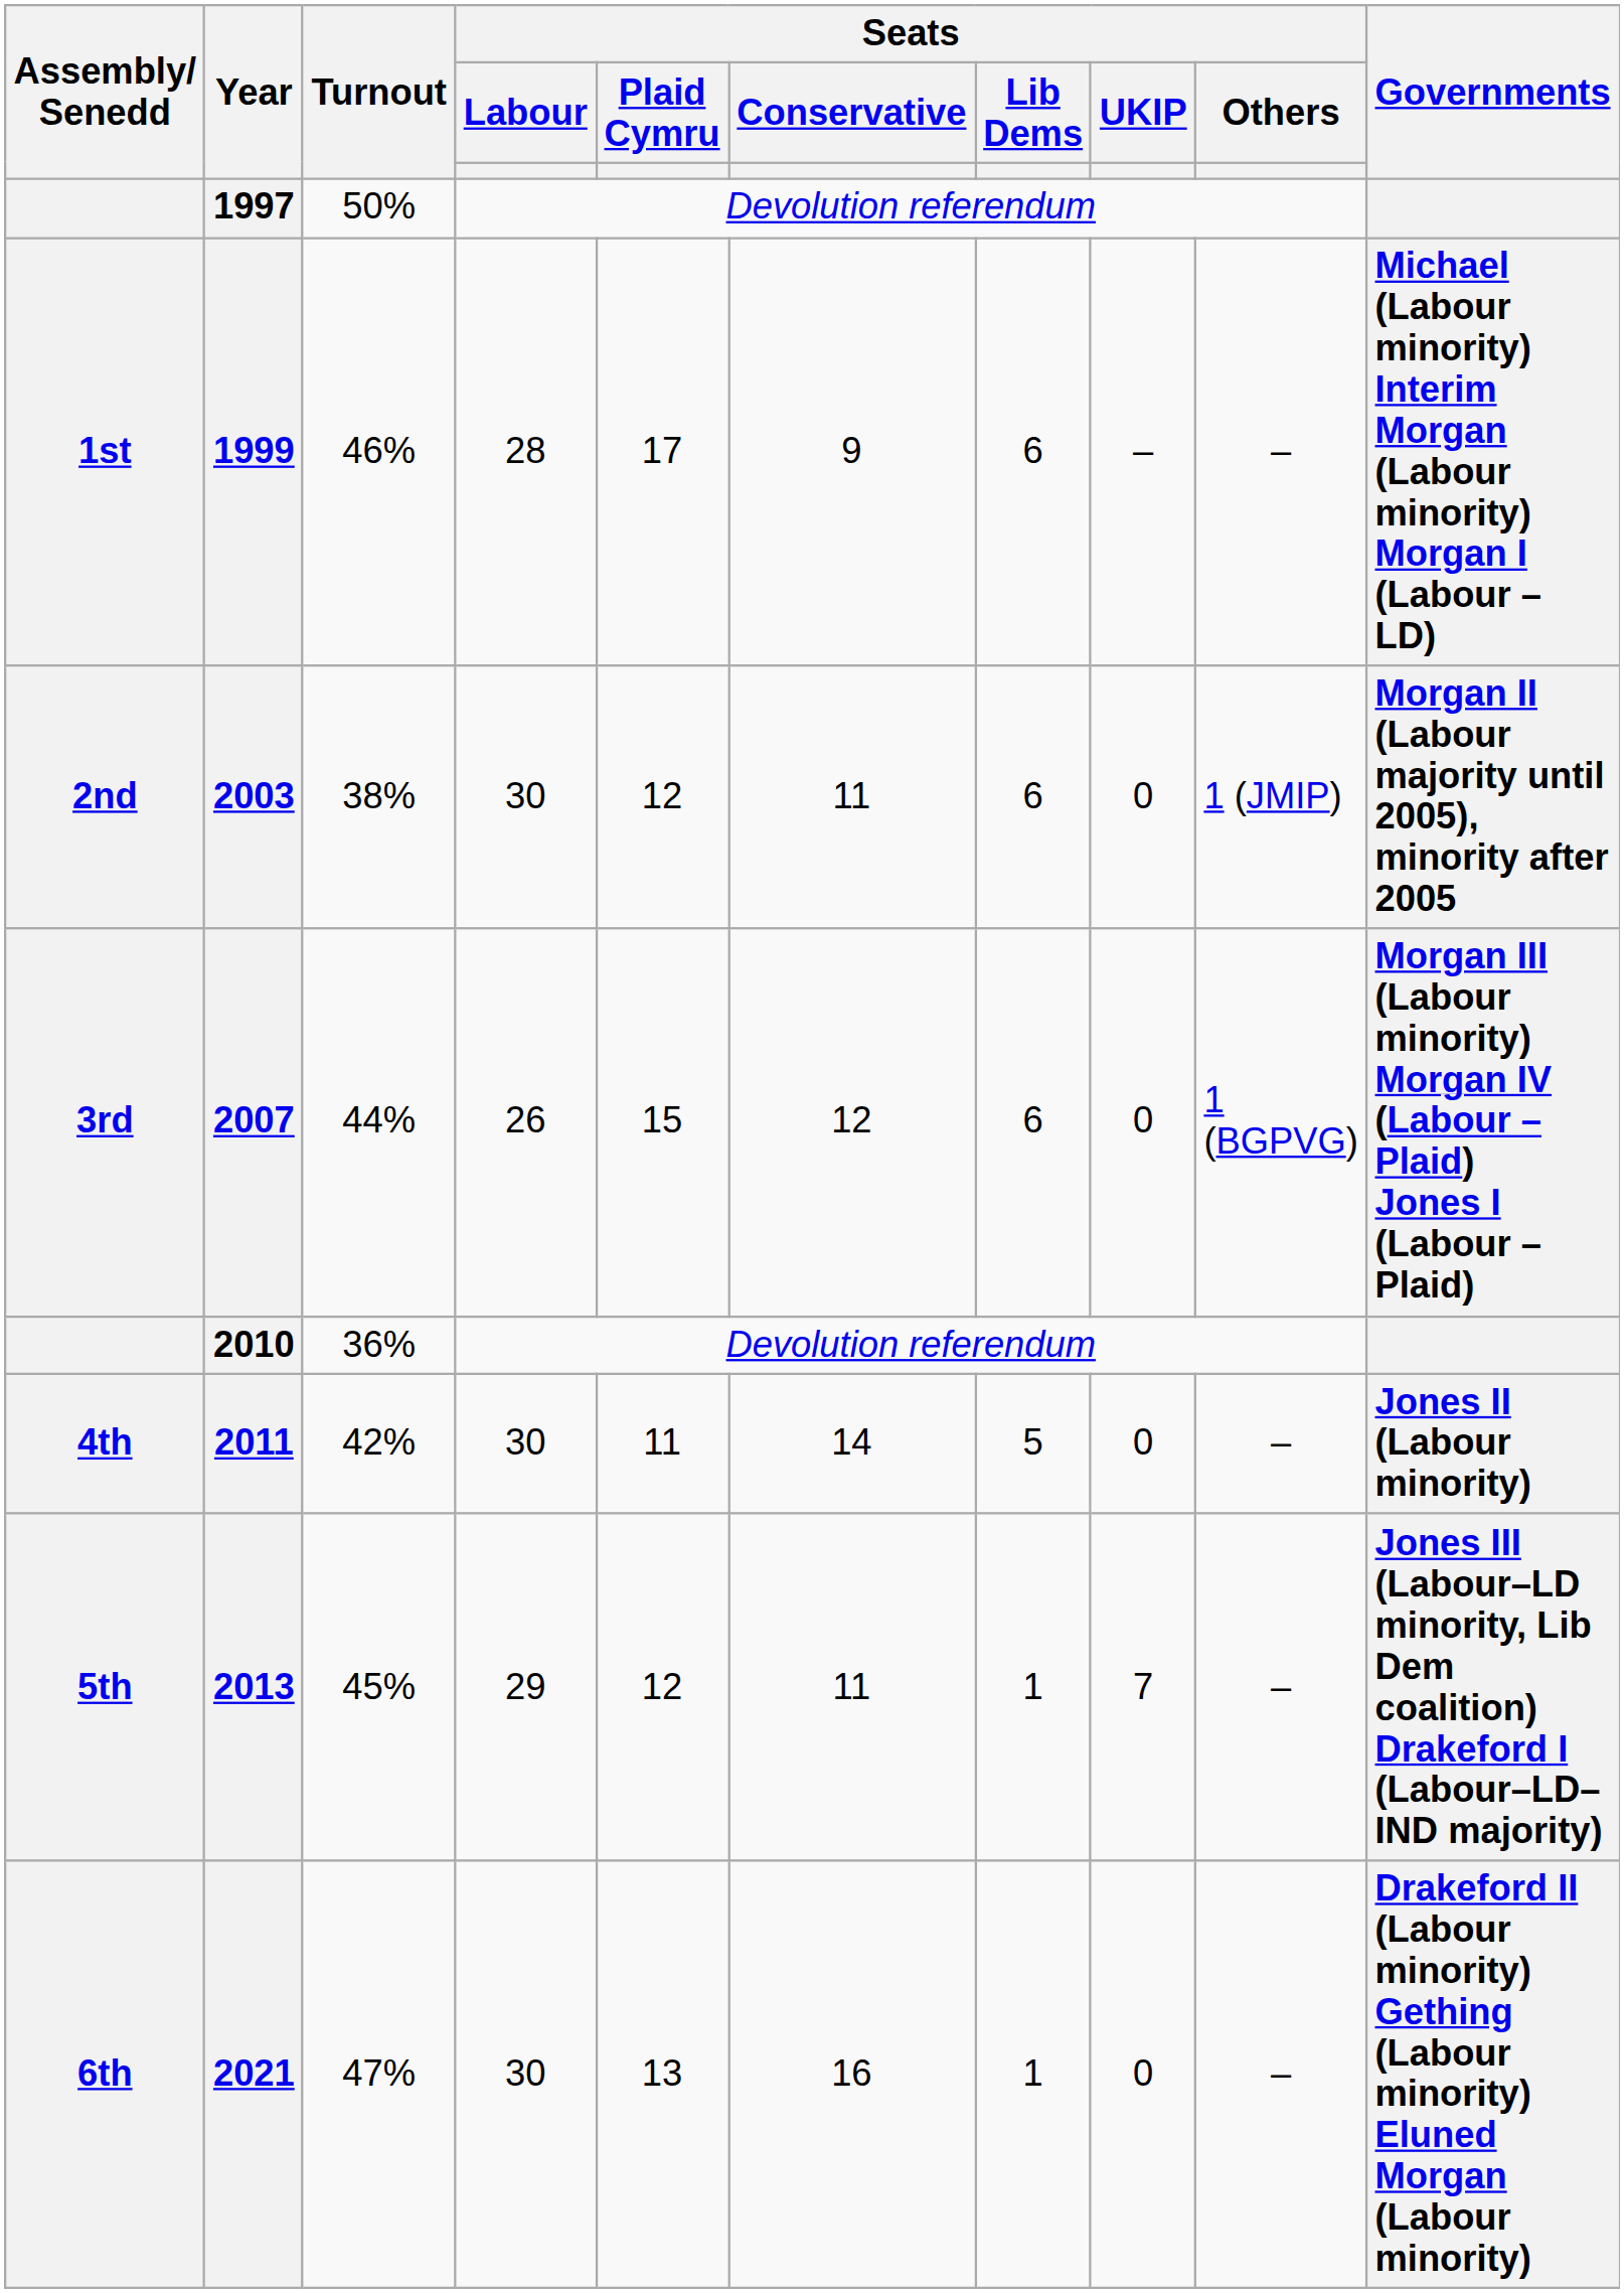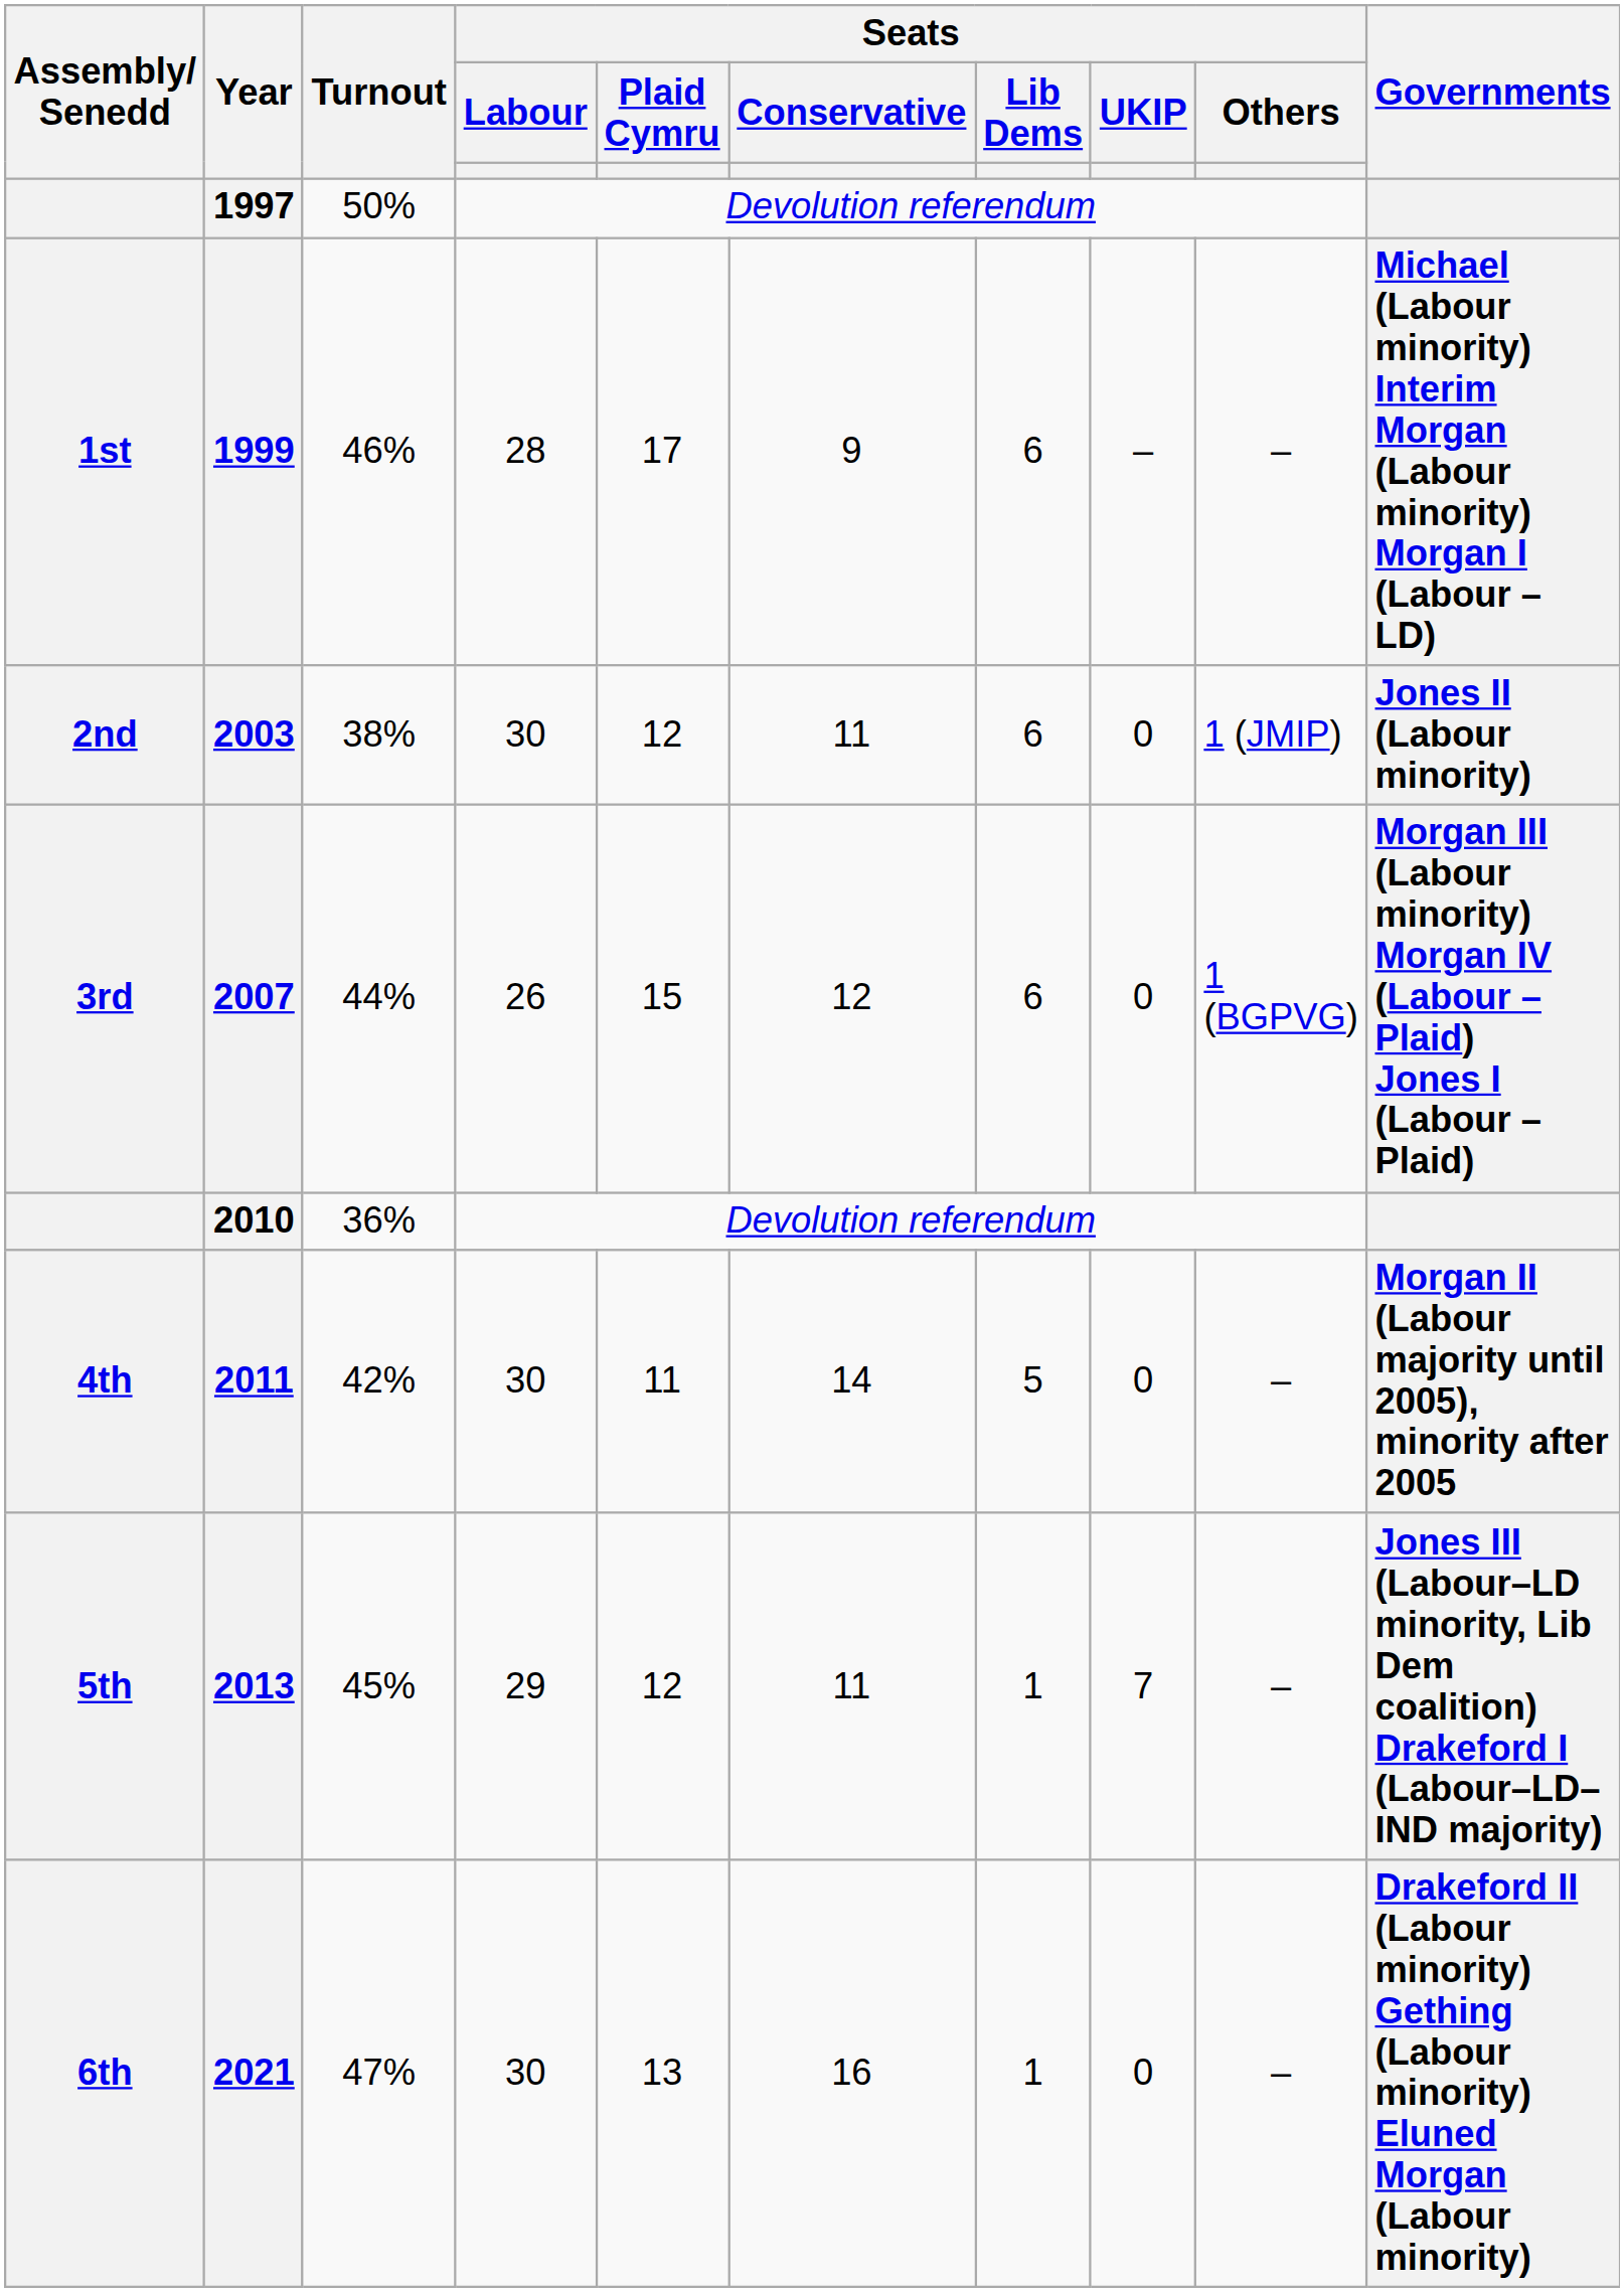 <table class="wikitable" style="text-align:center;vertical-align:text-top;">
 <tr>
 <th rowspan="3">Assembly/<br>Senedd</th>
 <th rowspan="3">Year</th>
 <th rowspan="3">Turnout</th>
 <th colspan="6">Seats</th>
 <th rowspan="3"><a href='#'>Governments</a></th>
 </tr>
 <tr>
 <th><a href='#'>Labour</a></th>
 <th><a href='#'>Plaid<br>Cymru</a></th>
 <th><a href='#'>Conservative</a></th>
 <th><a href='#'>Lib<br>Dems</a></th>
 <th><a href='#'>UKIP</a></th>
 <th>Others</th>
 </tr>
 <tr>
 <th style="background-color: "></th>
 <th ! style="background-color: "></th>
 <th ! style="background-color: "></th>
 <th ! style="background-color: "></th>
 <th ! style="background-color: "></th>
 <th ! style="background-color: "></th>
 </tr>
 <tr>
 <th></th>
 <th>1997</th>
 <td>50%</td>
 <td colspan="6"><a href='#'><em>Devolution referendum</em></a></td>
 <th></th>
 </tr>
 <tr>
 <th><a href='#'>1st</a></th>
 <th><a href='#'>1999</a></th>
 <td>46%</td>
 <td>28</td>
 <td>17</td>
 <td>9</td>
 <td>6</td>
 <td>–</td>
 <td>–</td>
 <th style="text-align:left;"><a href='#'>Michael</a> (Labour minority)<br><a href='#'>Interim Morgan</a> (Labour minority)<br><a href='#'>Morgan I</a> (Labour – LD)</th>
 </tr>
 <tr>
 <th><a href='#'>2nd</a></th>
 <th><a href='#'>2003</a></th>
 <td>38%</td>
 <td>30</td>
 <td>12</td>
 <td>11</td>
 <td>6</td>
 <td>0</td>
 <td style="text-align:left;"><a href='#'>1</a> (<a href='#'>JMIP</a>)</td>
-<th style="text-align:left;"><a href='#'>Morgan II</a> (Labour majority until 2005), minority after 2005</th>
+<th style="text-align:left;"><a href='#'>Jones II</a> (Labour minority)</th>
 </tr>
 <tr>
 <th><a href='#'>3rd</a></th>
 <th><a href='#'>2007</a></th>
 <td>44%</td>
 <td>26</td>
 <td>15</td>
 <td>12</td>
 <td>6</td>
 <td>0</td>
 <td style="text-align:left;"><a href='#'>1</a> (<a href='#'>BGPVG</a>)</td>
 <th style="text-align:left;"><a href='#'>Morgan III</a> (Labour minority) <br> <a href='#'>Morgan IV</a> (<a href='#'>Labour – Plaid</a>)<br><a href='#'>Jones I</a> (Labour – Plaid)</th>
 </tr>
 <tr>
 <th></th>
 <th>2010</th>
 <td>36%</td>
 <td colspan="6"><a href='#'><em>Devolution referendum</em></a></td>
 <th></th>
 </tr>
 <tr>
 <th><a href='#'>4th</a></th>
 <th><a href='#'>2011</a></th>
 <td>42%</td>
 <td>30</td>
 <td>11</td>
 <td>14</td>
 <td>5</td>
 <td>0</td>
 <td>–</td>
-<th style="text-align:left;"><a href='#'>Jones II</a> (Labour minority)</th>
+<th style="text-align:left;"><a href='#'>Morgan II</a> (Labour majority until 2005), minority after 2005</th>
 </tr>
 <tr>
 <th><a href='#'>5th</a></th>
 <th><a href='#'>2013</a></th>
 <td>45%</td>
 <td>29</td>
 <td>12</td>
 <td>11</td>
 <td>1</td>
 <td>7</td>
 <td>–</td>
 <th style="text-align:left;"><a href='#'>Jones III</a> (Labour–LD minority, Lib Dem coalition)<br><a href='#'>Drakeford I</a> (Labour–LD–IND majority)</th>
 </tr>
 <tr>
 <th><a href='#'>6th</a></th>
 <th><a href='#'>2021</a></th>
 <td>47%</td>
 <td>30</td>
 <td>13</td>
 <td>16</td>
 <td>1</td>
 <td>0</td>
 <td>–</td>
 <th style="text-align:left;"><a href='#'>Drakeford II</a> (Labour minority)<br><a href='#'>Gething</a> (Labour minority)<br><a href='#'>Eluned Morgan</a> (Labour minority)</th>
 </tr>
 </table>
